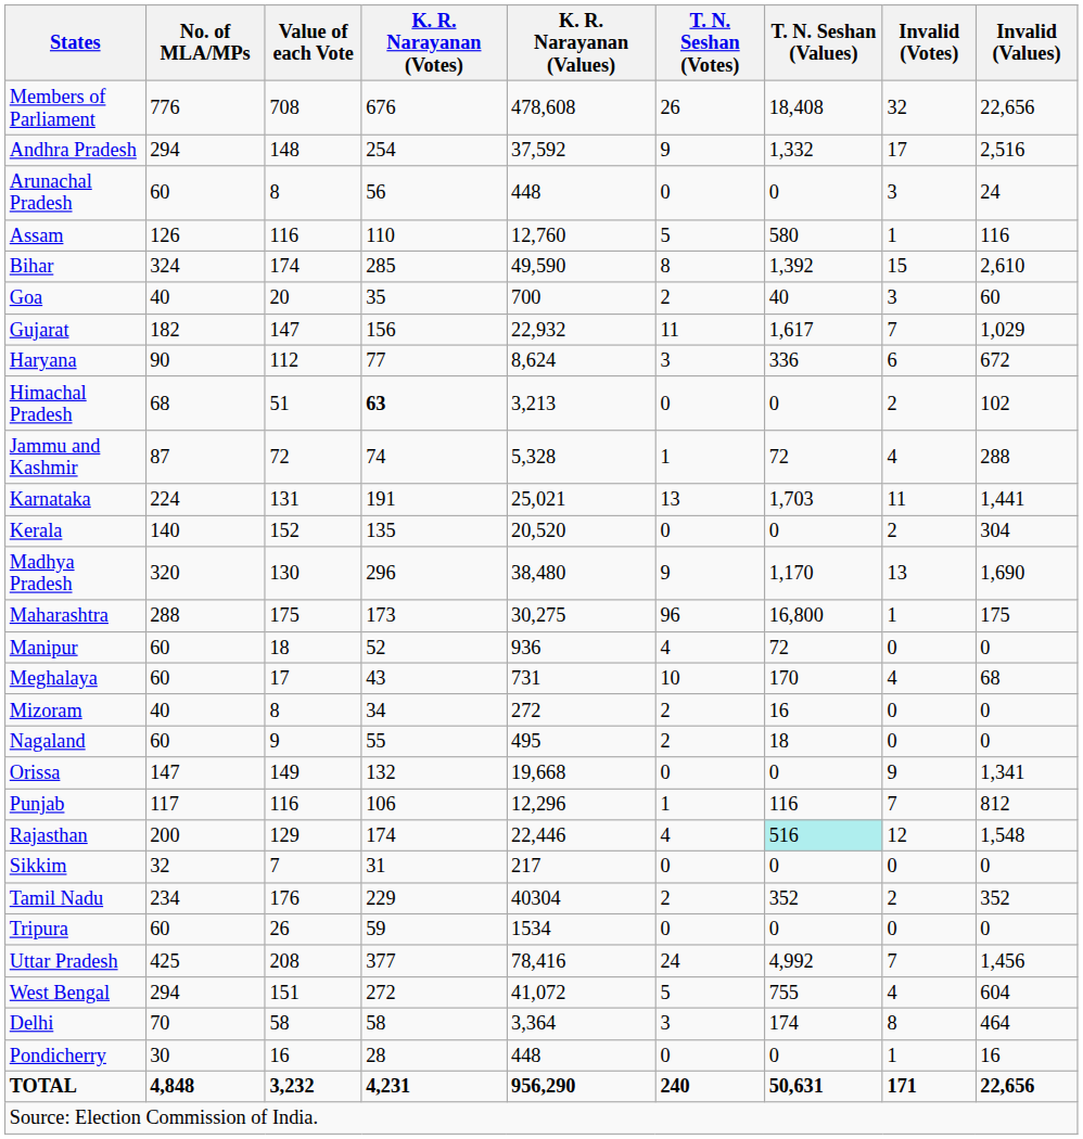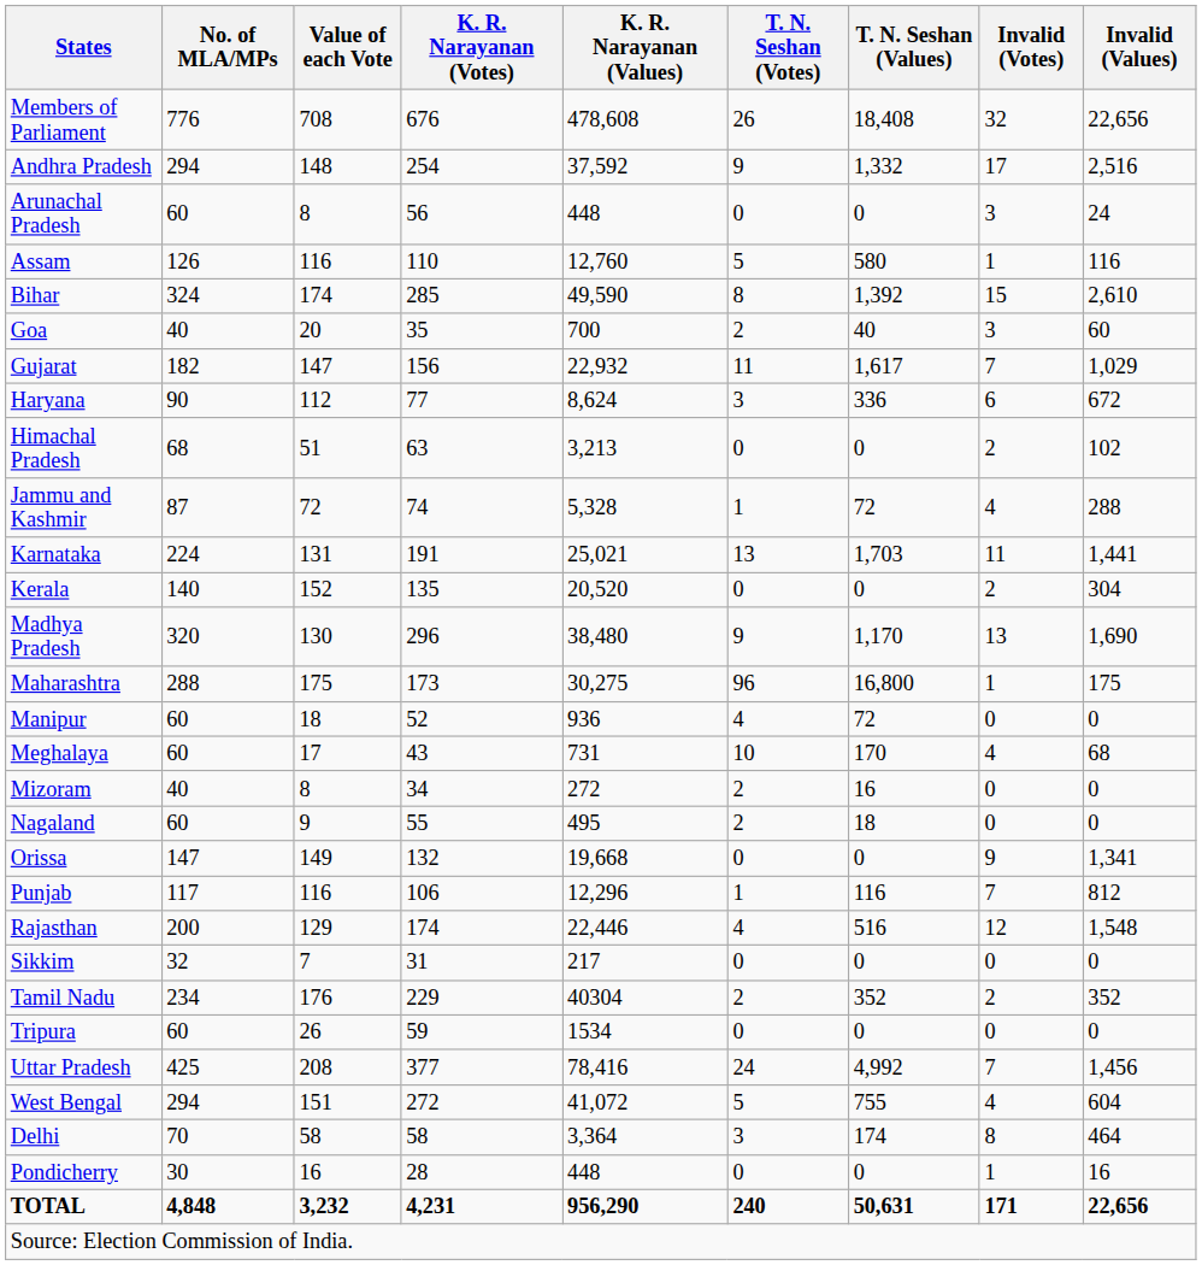 <table class="wikitable" border="1">
 <tr>
 <th><a href='#'>States</a></th>
 <th>No. of MLA/MPs</th>
 <th>Value of each Vote</th>
 <th><a href='#'>K. R. Narayanan</a> (Votes)</th>
 <th>K. R. Narayanan (Values)</th>
 <th><a href='#'>T. N. Seshan</a> (Votes)</th>
 <th>T. N. Seshan (Values)</th>
 <th>Invalid (Votes)</th>
 <th>Invalid (Values)</th>
 </tr>
 <tr>
 <td><a href='#'>Members of Parliament</a></td>
 <td>776</td>
 <td>708</td>
 <td>676</td>
 <td>478,608</td>
 <td>26</td>
 <td>18,408</td>
 <td>32</td>
 <td>22,656</td>
 </tr>
 <tr>
 <td><a href='#'>Andhra Pradesh</a></td>
 <td>294</td>
 <td>148</td>
 <td>254</td>
 <td>37,592</td>
 <td>9</td>
 <td>1,332</td>
 <td>17</td>
 <td>2,516</td>
 </tr>
 <tr>
 <td><a href='#'>Arunachal Pradesh</a></td>
 <td>60</td>
 <td>8</td>
 <td>56</td>
 <td>448</td>
 <td>0</td>
 <td>0</td>
 <td>3</td>
 <td>24</td>
 </tr>
 <tr>
 <td><a href='#'>Assam</a></td>
 <td>126</td>
 <td>116</td>
 <td>110</td>
 <td>12,760</td>
 <td>5</td>
 <td>580</td>
 <td>1</td>
 <td>116</td>
 </tr>
 <tr>
 <td><a href='#'>Bihar</a></td>
 <td>324</td>
 <td>174</td>
 <td>285</td>
 <td>49,590</td>
 <td>8</td>
 <td>1,392</td>
 <td>15</td>
 <td>2,610</td>
 </tr>
 <tr>
 <td><a href='#'>Goa</a></td>
 <td>40</td>
 <td>20</td>
 <td>35</td>
 <td>700</td>
 <td>2</td>
 <td>40</td>
 <td>3</td>
 <td>60</td>
 </tr>
 <tr>
 <td><a href='#'>Gujarat</a></td>
 <td>182</td>
 <td>147</td>
 <td>156</td>
 <td>22,932</td>
 <td>11</td>
 <td>1,617</td>
 <td>7</td>
 <td>1,029</td>
 </tr>
 <tr>
 <td><a href='#'>Haryana</a></td>
 <td>90</td>
 <td>112</td>
 <td>77</td>
 <td>8,624</td>
 <td>3</td>
 <td>336</td>
 <td>6</td>
 <td>672</td>
 </tr>
 <tr>
 <td><a href='#'>Himachal Pradesh</a></td>
 <td>68</td>
 <td>51</td>
-<td><strong>63</strong></td>
+<td>63</td>
 <td>3,213</td>
 <td>0</td>
 <td>0</td>
 <td>2</td>
 <td>102</td>
 </tr>
 <tr>
 <td><a href='#'>Jammu and Kashmir</a></td>
 <td>87</td>
 <td>72</td>
 <td>74</td>
 <td>5,328</td>
 <td>1</td>
 <td>72</td>
 <td>4</td>
 <td>288</td>
 </tr>
 <tr>
 <td><a href='#'>Karnataka</a></td>
 <td>224</td>
 <td>131</td>
 <td>191</td>
 <td>25,021</td>
 <td>13</td>
 <td>1,703</td>
 <td>11</td>
 <td>1,441</td>
 </tr>
 <tr>
 <td><a href='#'>Kerala</a></td>
 <td>140</td>
 <td>152</td>
 <td>135</td>
 <td>20,520</td>
 <td>0</td>
 <td>0</td>
 <td>2</td>
 <td>304</td>
 </tr>
 <tr>
 <td><a href='#'>Madhya Pradesh</a></td>
 <td>320</td>
 <td>130</td>
 <td>296</td>
 <td>38,480</td>
 <td>9</td>
 <td>1,170</td>
 <td>13</td>
 <td>1,690</td>
 </tr>
 <tr>
 <td><a href='#'>Maharashtra</a></td>
 <td>288</td>
 <td>175</td>
 <td>173</td>
 <td>30,275</td>
 <td>96</td>
 <td>16,800</td>
 <td>1</td>
 <td>175</td>
 </tr>
 <tr>
 <td><a href='#'>Manipur</a></td>
 <td>60</td>
 <td>18</td>
 <td>52</td>
 <td>936</td>
 <td>4</td>
 <td>72</td>
 <td>0</td>
 <td>0</td>
 </tr>
 <tr>
 <td><a href='#'>Meghalaya</a></td>
 <td>60</td>
 <td>17</td>
 <td>43</td>
 <td>731</td>
 <td>10</td>
 <td>170</td>
 <td>4</td>
 <td>68</td>
 </tr>
 <tr>
 <td><a href='#'>Mizoram</a></td>
 <td>40</td>
 <td>8</td>
 <td>34</td>
 <td>272</td>
 <td>2</td>
 <td>16</td>
 <td>0</td>
 <td>0</td>
 </tr>
 <tr>
 <td><a href='#'>Nagaland</a></td>
 <td>60</td>
 <td>9</td>
 <td>55</td>
 <td>495</td>
 <td>2</td>
 <td>18</td>
 <td>0</td>
 <td>0</td>
 </tr>
 <tr>
 <td><a href='#'>Orissa</a></td>
 <td>147</td>
 <td>149</td>
 <td>132</td>
 <td>19,668</td>
 <td>0</td>
 <td>0</td>
 <td>9</td>
 <td>1,341</td>
 </tr>
 <tr>
 <td><a href='#'>Punjab</a></td>
 <td>117</td>
 <td>116</td>
 <td>106</td>
 <td>12,296</td>
 <td>1</td>
 <td>116</td>
 <td>7</td>
 <td>812</td>
 </tr>
 <tr>
 <td><a href='#'>Rajasthan</a></td>
 <td>200</td>
 <td>129</td>
 <td>174</td>
 <td>22,446</td>
 <td>4</td>
-<td style="background: paleturquoise;">516</td>
+<td>516</td>
 <td>12</td>
 <td>1,548</td>
 </tr>
 <tr>
 <td><a href='#'>Sikkim</a></td>
 <td>32</td>
 <td>7</td>
 <td>31</td>
 <td>217</td>
 <td>0</td>
 <td>0</td>
 <td>0</td>
 <td>0</td>
 </tr>
 <tr>
 <td><a href='#'>Tamil Nadu</a></td>
 <td>234</td>
 <td>176</td>
 <td>229</td>
 <td>40304</td>
 <td>2</td>
 <td>352</td>
 <td>2</td>
 <td>352</td>
 </tr>
 <tr>
 <td><a href='#'>Tripura</a></td>
 <td>60</td>
 <td>26</td>
 <td>59</td>
 <td>1534</td>
 <td>0</td>
 <td>0</td>
 <td>0</td>
 <td>0</td>
 </tr>
 <tr>
 <td><a href='#'>Uttar Pradesh</a></td>
 <td>425</td>
 <td>208</td>
 <td>377</td>
 <td>78,416</td>
 <td>24</td>
 <td>4,992</td>
 <td>7</td>
 <td>1,456</td>
 </tr>
 <tr>
 <td><a href='#'>West Bengal</a></td>
 <td>294</td>
 <td>151</td>
 <td>272</td>
 <td>41,072</td>
 <td>5</td>
 <td>755</td>
 <td>4</td>
 <td>604</td>
 </tr>
 <tr>
 <td><a href='#'>Delhi</a></td>
 <td>70</td>
 <td>58</td>
 <td>58</td>
 <td>3,364</td>
 <td>3</td>
 <td>174</td>
 <td>8</td>
 <td>464</td>
 </tr>
 <tr>
 <td><a href='#'>Pondicherry</a></td>
 <td>30</td>
 <td>16</td>
 <td>28</td>
 <td>448</td>
 <td>0</td>
 <td>0</td>
 <td>1</td>
 <td>16</td>
 </tr>
 <tr>
 <td><strong>TOTAL</strong></td>
 <td><strong>4,848</strong></td>
 <td><strong>3,232</strong></td>
 <td><strong>4,231</strong></td>
 <td><strong>956,290</strong></td>
 <td><strong>240</strong></td>
 <td><strong>50,631</strong></td>
 <td><strong>171</strong></td>
 <td><strong>22,656</strong></td>
 </tr>
 <tr>
 <td align=left colspan=9>Source: Election Commission of India.</td>
 </tr>
 </table>
